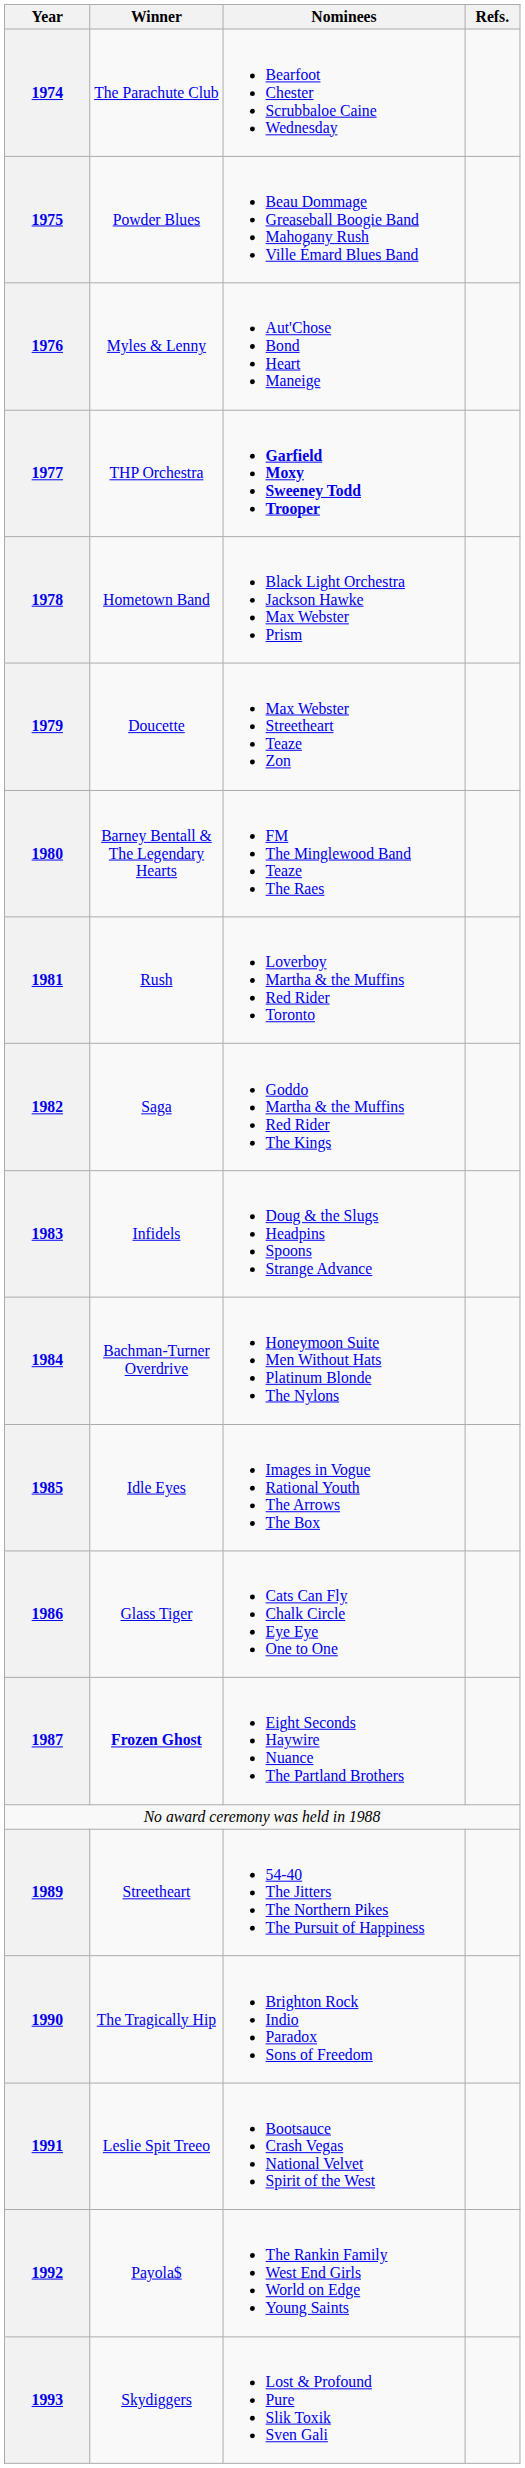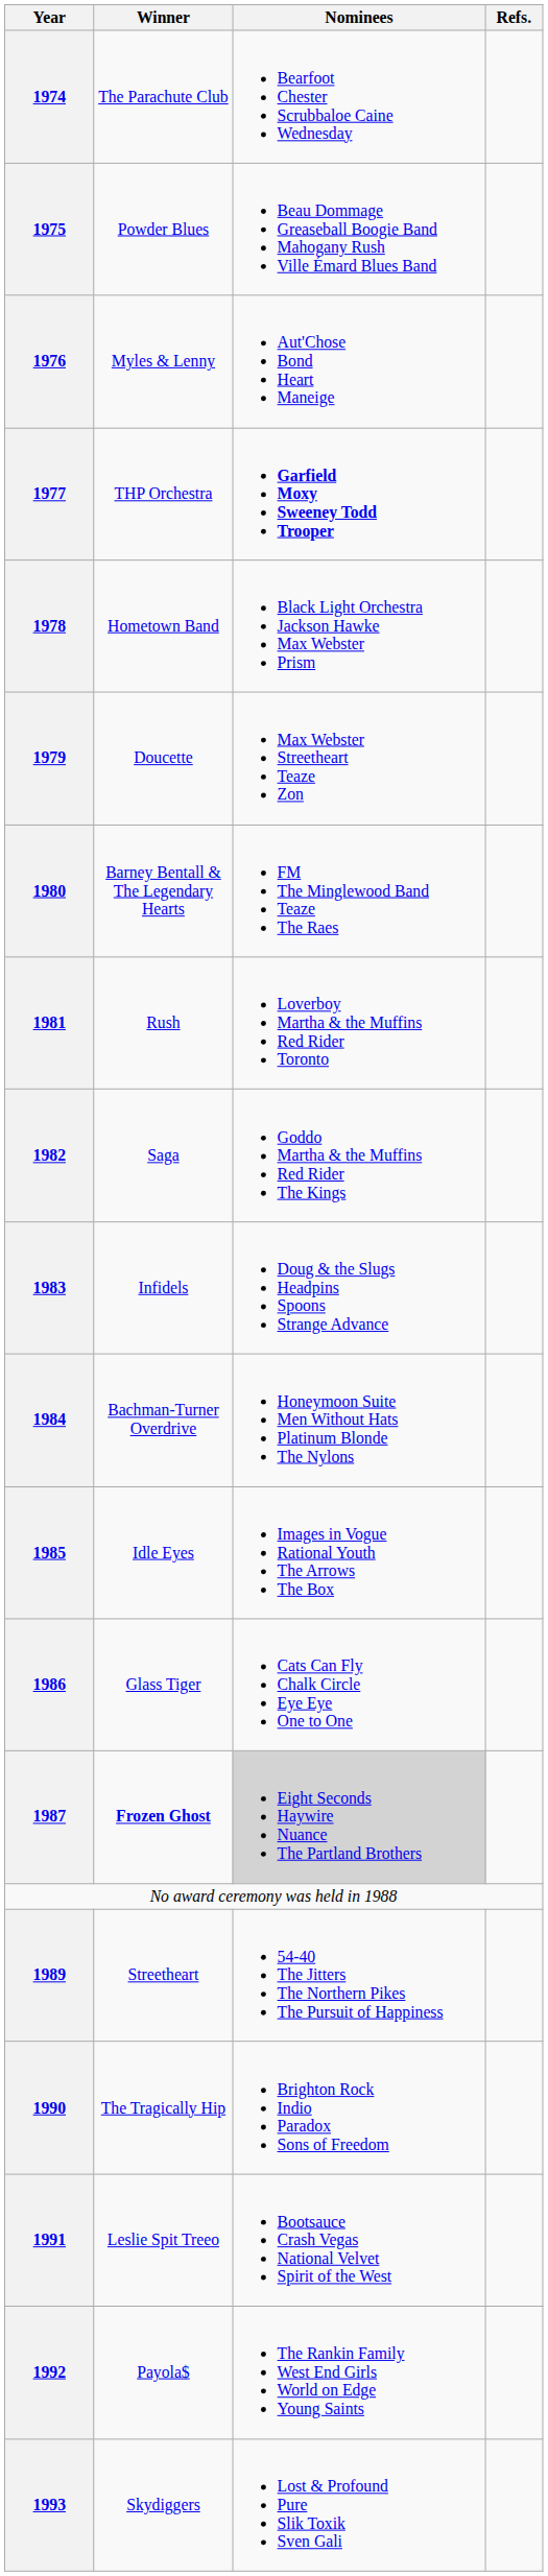 <table class="wikitable sortable">
 <tr>
 <th scope="col" style="width:5em;">Year</th>
 <th scope="col" style="width:8em;">Winner</th>
 <th scope="col" style="width:15em;" class="unsortable">Nominees</th>
 <th scope="col" style="width:3em;" class="unsortable">Refs.</th>
 </tr>
 <tr>
 <th scope="row"><a href='#'>1974</a></th>
 <td align="center"><a href='#'>The Parachute Club</a></td>
 <td><br><ul><li><a href='#'>Bearfoot</a></li><li><a href='#'>Chester</a></li><li><a href='#'>Scrubbaloe Caine</a></li><li><a href='#'>Wednesday</a></li></ul></td>
 <td align="center"></td>
 </tr>
 <tr>
 <th scope="row"><a href='#'>1975</a></th>
 <td align="center"><a href='#'>Powder Blues</a></td>
 <td><br><ul><li><a href='#'>Beau Dommage</a></li><li><a href='#'>Greaseball Boogie Band</a></li><li><a href='#'>Mahogany Rush</a></li><li><a href='#'>Ville Émard Blues Band</a></li></ul></td>
 <td align="center"></td>
 </tr>
 <tr>
 <th scope="row"><a href='#'>1976</a></th>
 <td align="center"><a href='#'>Myles & Lenny</a></td>
 <td><br><ul><li><a href='#'>Aut'Chose</a></li><li><a href='#'>Bond</a></li><li><a href='#'>Heart</a></li><li><a href='#'>Maneige</a></li></ul></td>
 <td align="center"></td>
 </tr>
 <tr>
 <th scope="row"><a href='#'>1977</a></th>
 <td align="center"><a href='#'>THP Orchestra</a></td>
 <td><strong><br><ul><li><a href='#'>Garfield</a></li><li><a href='#'>Moxy</a></li><li><a href='#'>Sweeney Todd</a></li><li><a href='#'>Trooper</a></li></ul></strong></td>
 <td align="center"></td>
 </tr>
 <tr>
 <th scope="row"><a href='#'>1978</a></th>
 <td align="center"><a href='#'>Hometown Band</a></td>
 <td><br><ul><li><a href='#'>Black Light Orchestra</a></li><li><a href='#'>Jackson Hawke</a></li><li><a href='#'>Max Webster</a></li><li><a href='#'>Prism</a></li></ul></td>
 <td align="center"></td>
 </tr>
 <tr>
 <th scope="row"><a href='#'>1979</a></th>
 <td align="center"><a href='#'>Doucette</a></td>
 <td><br><ul><li><a href='#'>Max Webster</a></li><li><a href='#'>Streetheart</a></li><li><a href='#'>Teaze</a></li><li><a href='#'>Zon</a></li></ul></td>
 <td align="center"></td>
 </tr>
 <tr>
 <th scope="row"><a href='#'>1980</a></th>
 <td align="center"><a href='#'>Barney Bentall & The Legendary Hearts</a></td>
 <td><br><ul><li><a href='#'>FM</a></li><li><a href='#'>The Minglewood Band</a></li><li><a href='#'>Teaze</a></li><li><a href='#'>The Raes</a></li></ul></td>
 <td align="center"></td>
 </tr>
 <tr>
 <th scope="row"><a href='#'>1981</a></th>
 <td align="center"><a href='#'>Rush</a></td>
 <td><br><ul><li><a href='#'>Loverboy</a></li><li><a href='#'>Martha & the Muffins</a></li><li><a href='#'>Red Rider</a></li><li><a href='#'>Toronto</a></li></ul></td>
 <td align="center"></td>
 </tr>
 <tr>
 <th scope="row"><a href='#'>1982</a></th>
 <td align="center"><a href='#'>Saga</a></td>
 <td><br><ul><li><a href='#'>Goddo</a></li><li><a href='#'>Martha & the Muffins</a></li><li><a href='#'>Red Rider</a></li><li><a href='#'>The Kings</a></li></ul></td>
 <td align="center"></td>
 </tr>
 <tr>
 <th scope="row"><a href='#'>1983</a></th>
 <td align="center"><a href='#'>Infidels</a></td>
 <td><br><ul><li><a href='#'>Doug & the Slugs</a></li><li><a href='#'>Headpins</a></li><li><a href='#'>Spoons</a></li><li><a href='#'>Strange Advance</a></li></ul></td>
 <td align="center"></td>
 </tr>
 <tr>
 <th scope="row"><a href='#'>1984</a></th>
 <td align="center"><a href='#'>Bachman-Turner Overdrive</a></td>
 <td><br><ul><li><a href='#'>Honeymoon Suite</a></li><li><a href='#'>Men Without Hats</a></li><li><a href='#'>Platinum Blonde</a></li><li><a href='#'>The Nylons</a></li></ul></td>
 <td align="center"></td>
 </tr>
 <tr>
 <th scope="row"><a href='#'>1985</a></th>
 <td align="center"><a href='#'>Idle Eyes</a></td>
 <td><br><ul><li><a href='#'>Images in Vogue</a></li><li><a href='#'>Rational Youth</a></li><li><a href='#'>The Arrows</a></li><li><a href='#'>The Box</a></li></ul></td>
 <td align="center"></td>
 </tr>
 <tr>
 <th scope="row"><a href='#'>1986</a></th>
 <td align="center"><a href='#'>Glass Tiger</a></td>
 <td><br><ul><li><a href='#'>Cats Can Fly</a></li><li><a href='#'>Chalk Circle</a></li><li><a href='#'>Eye Eye</a></li><li><a href='#'>One to One</a></li></ul></td>
 <td align="center"></td>
 </tr>
 <tr>
 <th scope="row"><a href='#'>1987</a></th>
 <td align="center"><strong><a href='#'>Frozen Ghost</a></strong></td>
-<td><br><ul><li><a href='#'>Eight Seconds</a></li><li><a href='#'>Haywire</a></li><li><a href='#'>Nuance</a></li><li><a href='#'>The Partland Brothers</a></li></ul></td>
+<td style="background: lightgrey;"><br><ul><li><a href='#'>Eight Seconds</a></li><li><a href='#'>Haywire</a></li><li><a href='#'>Nuance</a></li><li><a href='#'>The Partland Brothers</a></li></ul></td>
 <td align="center"></td>
 </tr>
 <tr>
 <td colspan=4 align="center"><em>No award ceremony was held in 1988</em></td>
 </tr>
 <tr>
 <th scope="row"><a href='#'>1989</a></th>
 <td align="center"><a href='#'>Streetheart</a></td>
 <td><br><ul><li><a href='#'>54-40</a></li><li><a href='#'>The Jitters</a></li><li><a href='#'>The Northern Pikes</a></li><li><a href='#'>The Pursuit of Happiness</a></li></ul></td>
 <td align="center"></td>
 </tr>
 <tr>
 <th scope="row"><a href='#'>1990</a></th>
 <td align="center"><a href='#'>The Tragically Hip</a></td>
 <td><br><ul><li><a href='#'>Brighton Rock</a></li><li><a href='#'>Indio</a></li><li><a href='#'>Paradox</a></li><li><a href='#'>Sons of Freedom</a></li></ul></td>
 <td align="center"></td>
 </tr>
 <tr>
 <th scope="row"><a href='#'>1991</a></th>
 <td align="center"><a href='#'>Leslie Spit Treeo</a></td>
 <td><br><ul><li><a href='#'>Bootsauce</a></li><li><a href='#'>Crash Vegas</a></li><li><a href='#'>National Velvet</a></li><li><a href='#'>Spirit of the West</a></li></ul></td>
 <td align="center"></td>
 </tr>
 <tr>
 <th scope="row"><a href='#'>1992</a></th>
 <td align="center"><a href='#'>Payola$</a></td>
 <td><br><ul><li><a href='#'>The Rankin Family</a></li><li><a href='#'>West End Girls</a></li><li><a href='#'>World on Edge</a></li><li><a href='#'>Young Saints</a></li></ul></td>
 <td align="center"></td>
 </tr>
 <tr>
 <th scope="row"><a href='#'>1993</a></th>
 <td align="center"><a href='#'>Skydiggers</a></td>
 <td><br><ul><li><a href='#'>Lost & Profound</a></li><li><a href='#'>Pure</a></li><li><a href='#'>Slik Toxik</a></li><li><a href='#'>Sven Gali</a></li></ul></td>
 <td align="center"></td>
 </tr>
 </table>
